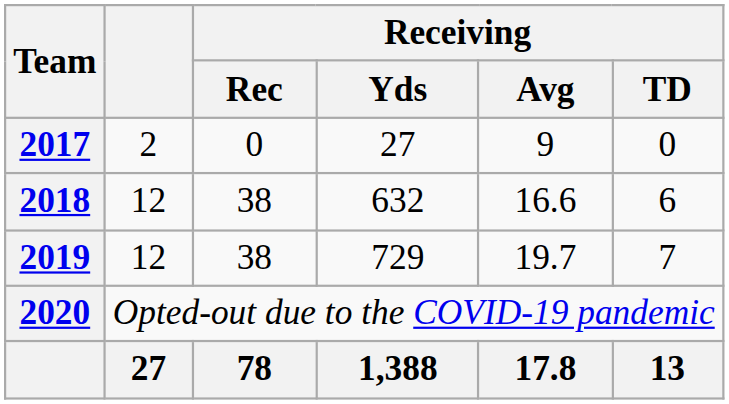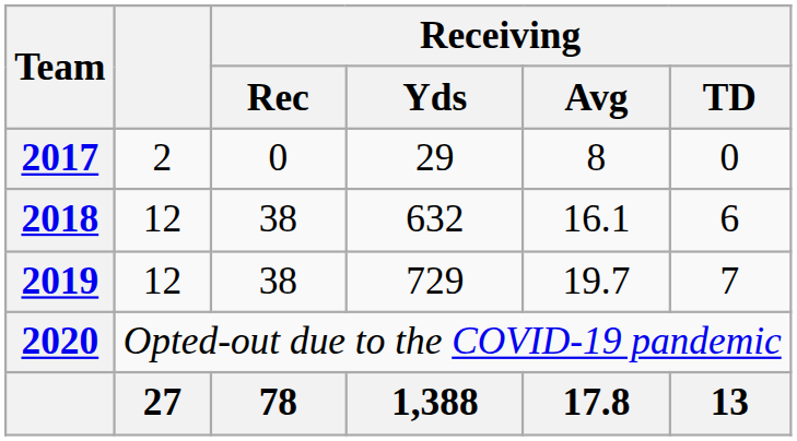 <table class="wikitable" style="text-align:center;">
 <tr>
 <th rowspan="2">Team</th>
 <th rowspan="2"></th>
 <th colspan="4">Receiving</th>
 </tr>
 <tr>
 <th>Rec</th>
 <th>Yds</th>
 <th>Avg</th>
 <th>TD</th>
 </tr>
 <tr>
 <th><a href='#'>2017</a></th>
 <td>2</td>
 <td>0</td>
-<td>27</td>
-<td>9</td>
+<td>29</td>
+<td>8</td>
 <td>0</td>
 </tr>
 <tr>
 <th><a href='#'>2018</a></th>
 <td>12</td>
 <td>38</td>
 <td>632</td>
-<td>16.6</td>
+<td>16.1</td>
 <td>6</td>
 </tr>
 <tr>
 <th><a href='#'>2019</a></th>
 <td>12</td>
 <td>38</td>
 <td>729</td>
 <td>19.7</td>
 <td>7</td>
 </tr>
 <tr>
 <th><a href='#'>2020</a></th>
 <td colspan="5"><em>Opted-out due to the <a href='#'>COVID-19 pandemic</a></em></td>
 </tr>
 <tr>
 <th></th>
 <th>27</th>
 <th>78</th>
 <th>1,388</th>
 <th>17.8</th>
 <th>13</th>
 </tr>
 </table>
